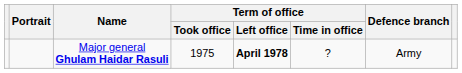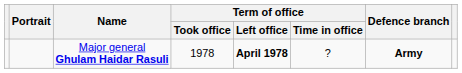 <table class="wikitable" style="text-align:center">
 <tr>
 <th rowspan=2></th>
 <th rowspan=2>Portrait</th>
 <th rowspan=2>Name<br></th>
 <th colspan=3>Term of office</th>
 <th rowspan=2>Defence branch</th>
 <th rowspan=2></th>
 </tr>
 <tr>
 <th>Took office</th>
 <th>Left office</th>
 <th>Time in office</th>
 </tr>
 <tr>
 <td></td>
 <td></td>
 <td><a href='#'>Major general</a><br><strong><a href='#'>Ghulam Haidar Rasuli</a></strong><br></td>
-<td>1975</td>
+<td>1978</td>
 <td><strong>April 1978</strong></td>
 <td>?</td>
-<td>Army</td>
+<td><strong>Army</strong></td>
 <td></td>
 </tr>
 </table>
